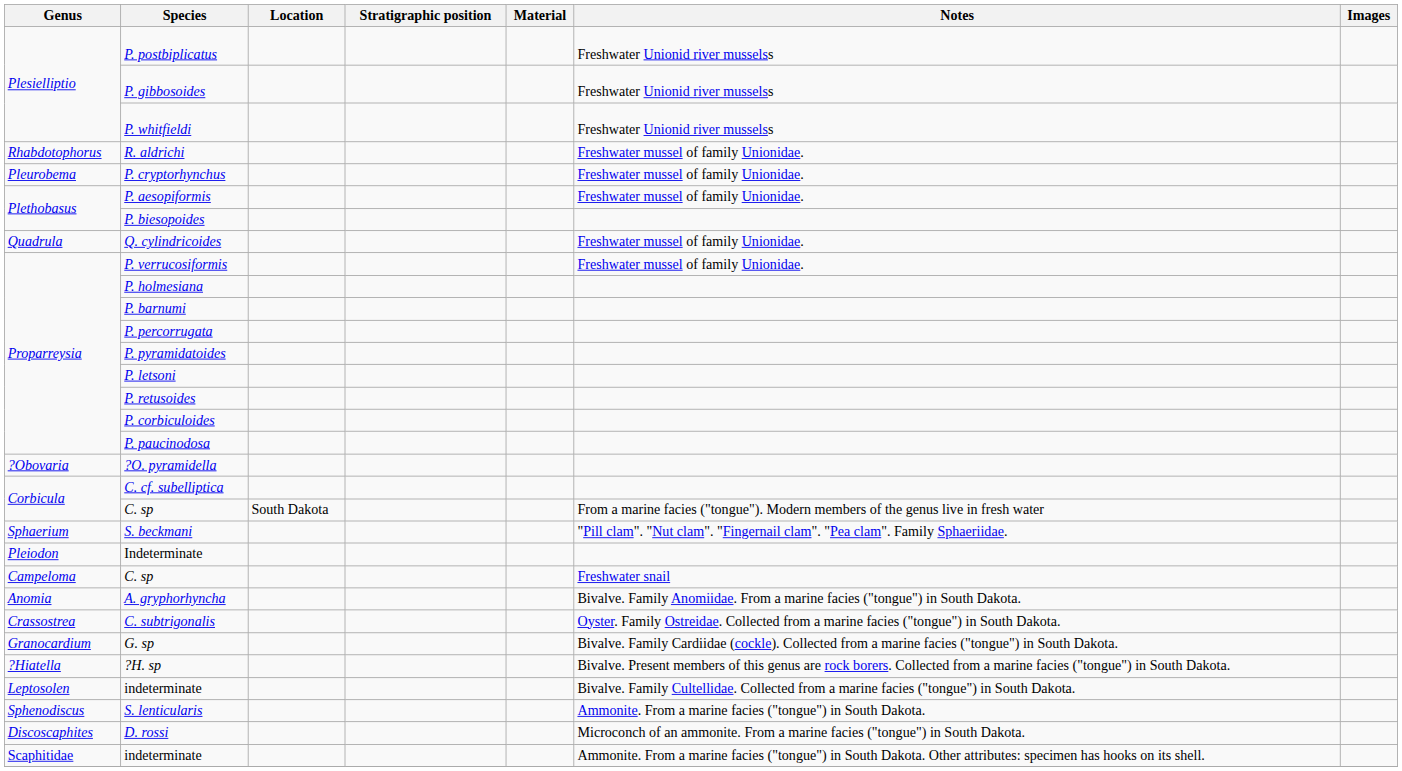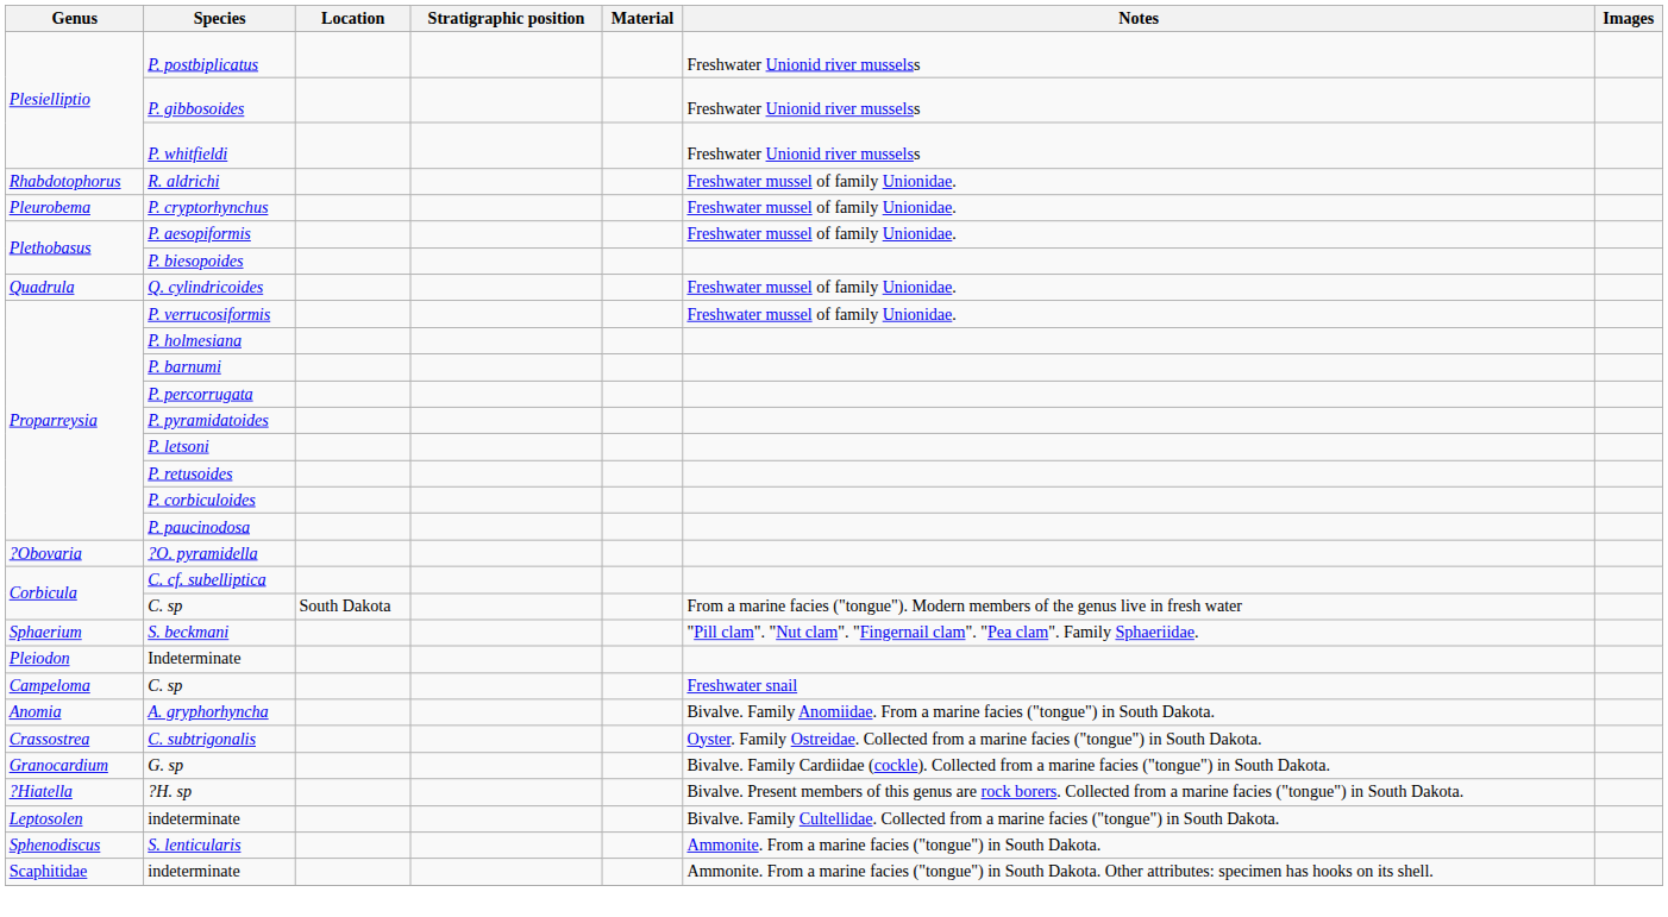 <table class="wikitable sortable mw-collapsible" style="margin:auto; width:100%">
 <tr>
 <th>Genus</th>
 <th>Species</th>
 <th>Location</th>
 <th>Stratigraphic position</th>
 <th>Material</th>
 <th>Notes</th>
 <th>Images</th>
 </tr>
 <tr>
 <td rowspan=3><em><a href='#'>Plesielliptio</a></em></td>
 <td><br><em><a href='#'>P. postbiplicatus</a></em></td>
 <td></td>
 <td></td>
 <td></td>
 <td><br>Freshwater <a href='#'>Unionid river mussels</a>s</td>
 <td></td>
 </tr>
 <tr>
 <td><br><em><a href='#'>P. gibbosoides</a></em></td>
 <td></td>
 <td></td>
 <td></td>
 <td><br>Freshwater <a href='#'>Unionid river mussels</a>s</td>
 <td></td>
 </tr>
 <tr>
 <td><br><em><a href='#'>P. whitfieldi</a></em></td>
 <td></td>
 <td></td>
 <td></td>
 <td><br>Freshwater <a href='#'>Unionid river mussels</a>s</td>
 <td></td>
 </tr>
 <tr>
 <td><em><a href='#'>Rhabdotophorus</a></em></td>
 <td><em><a href='#'>R. aldrichi</a></em></td>
 <td></td>
 <td></td>
 <td></td>
 <td><a href='#'>Freshwater mussel</a> of family <a href='#'>Unionidae</a>.</td>
 <td></td>
 </tr>
 <tr>
 <td><em><a href='#'>Pleurobema</a></em></td>
 <td><em><a href='#'>P. cryptorhynchus</a></em></td>
 <td></td>
 <td></td>
 <td></td>
 <td><a href='#'>Freshwater mussel</a> of family <a href='#'>Unionidae</a>.</td>
 <td></td>
 </tr>
 <tr>
 <td rowspan=2><em><a href='#'>Plethobasus</a></em></td>
 <td><em><a href='#'>P. aesopiformis</a></em></td>
 <td></td>
 <td></td>
 <td></td>
 <td><a href='#'>Freshwater mussel</a> of family <a href='#'>Unionidae</a>.</td>
 <td></td>
 </tr>
 <tr>
 <td><em><a href='#'>P. biesopoides</a></em></td>
 <td></td>
 <td></td>
 <td></td>
 <td></td>
 <td></td>
 </tr>
 <tr>
 <td><em><a href='#'>Quadrula</a></em></td>
 <td><em><a href='#'>Q. cylindricoides</a></em></td>
 <td></td>
 <td></td>
 <td></td>
 <td><a href='#'>Freshwater mussel</a> of family <a href='#'>Unionidae</a>.</td>
 <td></td>
 </tr>
 <tr>
 <td rowspan=9><em><a href='#'>Proparreysia</a></em></td>
 <td><em><a href='#'>P. verrucosiformis</a></em></td>
 <td></td>
 <td></td>
 <td></td>
 <td><a href='#'>Freshwater mussel</a> of family <a href='#'>Unionidae</a>.</td>
 <td></td>
 </tr>
 <tr>
 <td><em><a href='#'>P. holmesiana</a></em></td>
 <td></td>
 <td></td>
 <td></td>
 <td></td>
 <td></td>
 </tr>
 <tr>
 <td><em><a href='#'>P. barnumi</a></em></td>
 <td></td>
 <td></td>
 <td></td>
 <td></td>
 <td></td>
 </tr>
 <tr>
 <td><em><a href='#'>P. percorrugata</a></em></td>
 <td></td>
 <td></td>
 <td></td>
 <td></td>
 <td></td>
 </tr>
 <tr>
 <td><em><a href='#'>P. pyramidatoides</a></em></td>
 <td></td>
 <td></td>
 <td></td>
 <td></td>
 <td></td>
 </tr>
 <tr>
 <td><em><a href='#'>P. letsoni</a></em></td>
 <td></td>
 <td></td>
 <td></td>
 <td></td>
 <td></td>
 </tr>
 <tr>
 <td><em><a href='#'>P. retusoides</a></em></td>
 <td></td>
 <td></td>
 <td></td>
 <td></td>
 <td></td>
 </tr>
 <tr>
 <td><em><a href='#'>P. corbiculoides</a></em></td>
 <td></td>
 <td></td>
 <td></td>
 <td></td>
 <td></td>
 </tr>
 <tr>
 <td><em><a href='#'>P. paucinodosa</a></em></td>
 <td></td>
 <td></td>
 <td></td>
 <td></td>
 <td></td>
 </tr>
 <tr>
 <td><em><a href='#'>?Obovaria</a></em></td>
 <td><em><a href='#'>?O. pyramidella</a></em></td>
 <td></td>
 <td></td>
 <td></td>
 <td></td>
 <td></td>
 </tr>
 <tr>
 <td rowspan=2><em><a href='#'>Corbicula</a></em></td>
 <td><em><a href='#'>C. cf. subelliptica</a></em></td>
 <td></td>
 <td></td>
 <td></td>
 <td></td>
 <td></td>
 </tr>
 <tr>
 <td><em>C. sp</em></td>
 <td>South Dakota</td>
 <td></td>
 <td></td>
 <td>From a marine facies ("tongue"). Modern members of the genus live in fresh water</td>
 <td></td>
 </tr>
 <tr>
 <td><em><a href='#'>Sphaerium</a></em></td>
 <td><em><a href='#'>S. beckmani</a></em></td>
 <td></td>
 <td></td>
 <td></td>
 <td>"<a href='#'>Pill clam</a>". "<a href='#'>Nut clam</a>". "<a href='#'>Fingernail clam</a>". "<a href='#'>Pea clam</a>". Family <a href='#'>Sphaeriidae</a>.</td>
 <td></td>
 </tr>
 <tr>
 <td><em><a href='#'>Pleiodon</a></em></td>
 <td>Indeterminate</td>
 <td></td>
 <td></td>
 <td></td>
 <td></td>
 <td></td>
 </tr>
 <tr>
 <td><em><a href='#'>Campeloma</a></em></td>
 <td><em>C. sp</em></td>
 <td></td>
 <td></td>
 <td></td>
 <td><a href='#'>Freshwater snail</a></td>
 <td></td>
 </tr>
 <tr>
 <td><em><a href='#'>Anomia</a></em></td>
 <td><em><a href='#'>A. gryphorhyncha</a></em></td>
 <td></td>
 <td></td>
 <td></td>
 <td>Bivalve. Family <a href='#'>Anomiidae</a>. From a marine facies ("tongue") in South Dakota.</td>
 <td></td>
 </tr>
 <tr>
 <td><em><a href='#'>Crassostrea</a></em></td>
 <td><em><a href='#'>C. subtrigonalis</a></em></td>
 <td></td>
 <td></td>
 <td></td>
 <td><a href='#'>Oyster</a>. Family <a href='#'>Ostreidae</a>. Collected from a marine facies ("tongue") in South Dakota.</td>
 <td></td>
 </tr>
 <tr>
 <td><em><a href='#'>Granocardium</a></em></td>
 <td><em>G. sp</em></td>
 <td></td>
 <td></td>
 <td></td>
 <td>Bivalve. Family Cardiidae (<a href='#'>cockle</a>). Collected from a marine facies ("tongue") in South Dakota.</td>
 <td></td>
 </tr>
 <tr>
 <td><em><a href='#'>?Hiatella</a></em></td>
 <td><em>?H. sp</em></td>
 <td></td>
 <td></td>
 <td></td>
 <td>Bivalve. Present members of this genus are <a href='#'>rock borers</a>. Collected from a marine facies ("tongue") in South Dakota.</td>
 <td></td>
 </tr>
 <tr>
 <td><em><a href='#'>Leptosolen</a></em></td>
 <td>indeterminate</td>
 <td></td>
 <td></td>
 <td></td>
 <td>Bivalve. Family <a href='#'>Cultellidae</a>. Collected from a marine facies ("tongue") in South Dakota.</td>
 <td></td>
 </tr>
 <tr>
 <td><em><a href='#'>Sphenodiscus</a></em></td>
 <td><em><a href='#'>S. lenticularis</a></em></td>
 <td></td>
 <td></td>
 <td></td>
 <td><a href='#'>Ammonite</a>. From a marine facies ("tongue") in South Dakota.</td>
 <td></td>
 </tr>
 <tr>
-<td><em><a href='#'>Discoscaphites</a></em></td>
-<td><em><a href='#'>D. rossi</a></em></td>
-<td></td>
-<td></td>
-<td></td>
-<td>Microconch of an ammonite. From a marine facies ("tongue") in South Dakota.</td>
-<td></td>
-</tr>
-<tr>
 <td><a href='#'>Scaphitidae</a></td>
 <td>indeterminate</td>
 <td></td>
 <td></td>
 <td></td>
 <td>Ammonite. From a marine facies ("tongue") in South Dakota. Other attributes: specimen has hooks on its shell.</td>
 <td></td>
 </tr>
 <tr>
 </tr>
 </table>
